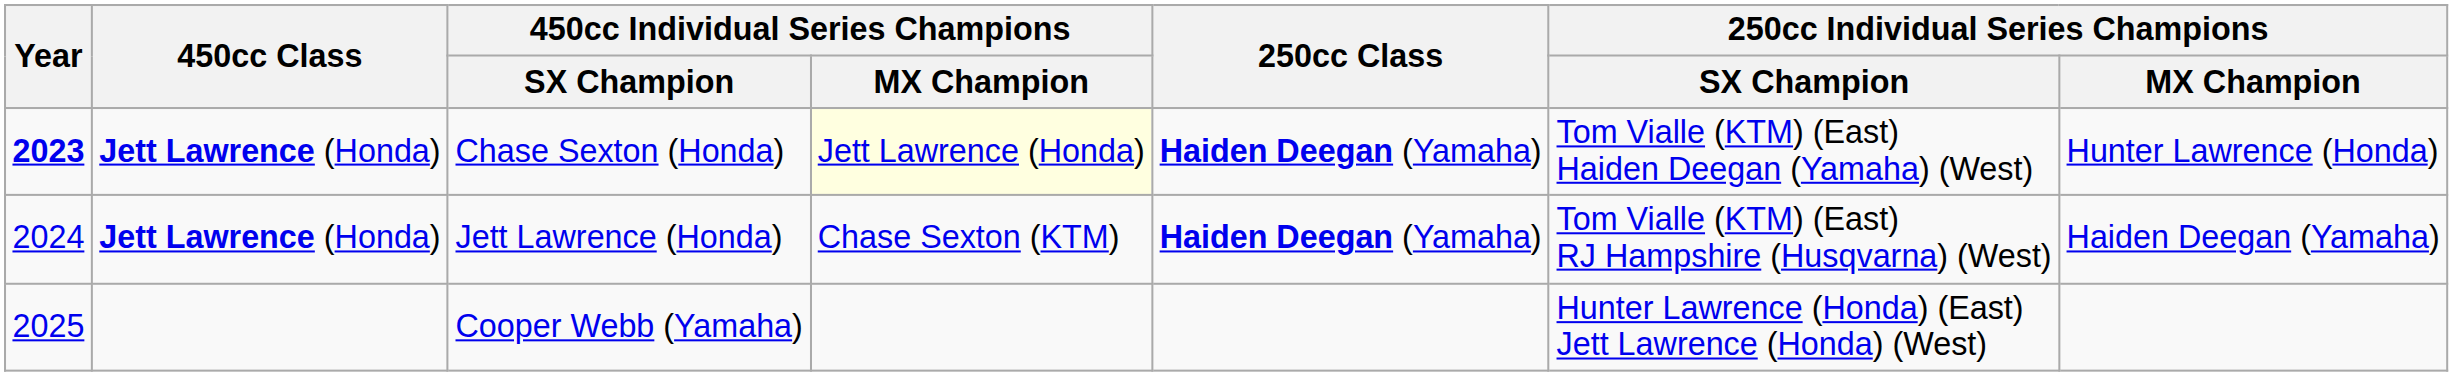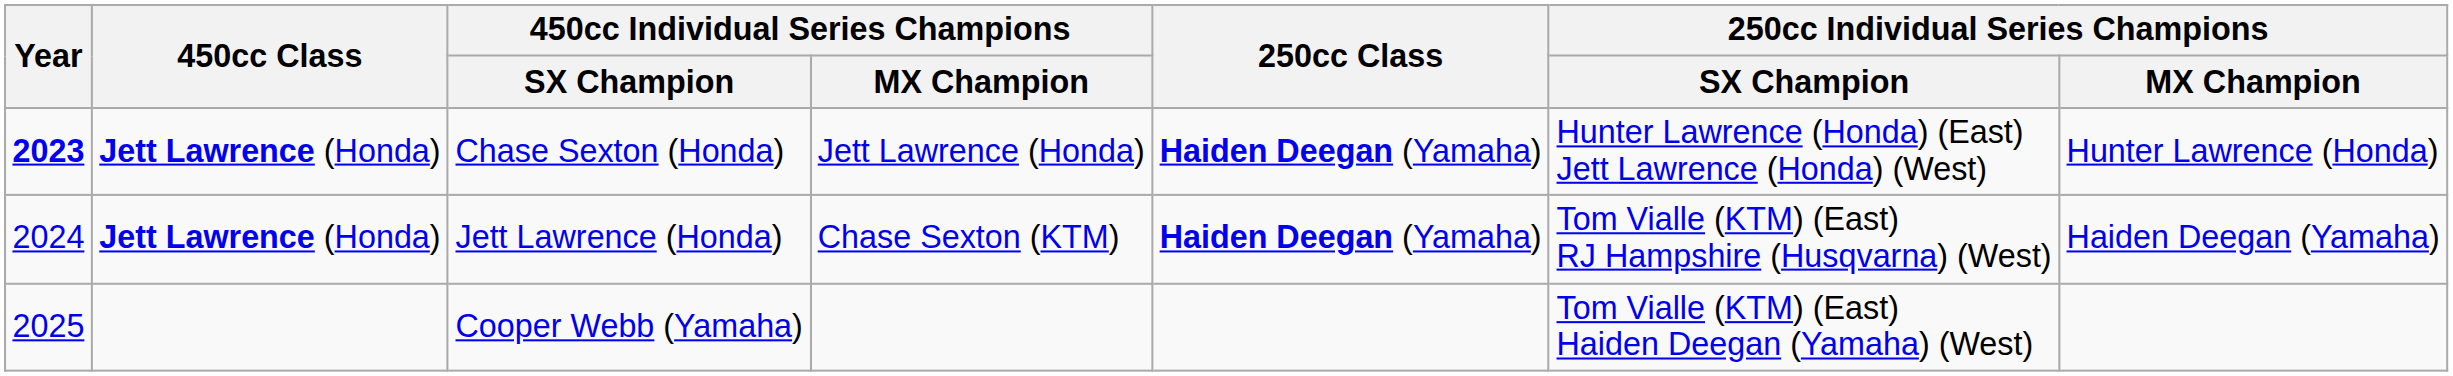 <table class="wikitable">
 <tr>
 <th rowspan="2">Year</th>
 <th rowspan="2">450cc Class</th>
 <th colspan="2">450cc Individual Series Champions</th>
 <th rowspan="2">250cc Class</th>
 <th colspan="2">250cc Individual Series Champions</th>
 </tr>
 <tr>
 <th>SX Champion</th>
 <th>MX Champion</th>
 <th>SX Champion</th>
 <th>MX Champion</th>
 </tr>
 <tr>
 <td><strong><a href='#'>2023</a></strong></td>
 <td> <strong><a href='#'>Jett Lawrence</a></strong> (<a href='#'>Honda</a>)</td>
 <td> <a href='#'>Chase Sexton</a> (<a href='#'>Honda</a>)</td>
-<td style="background: lightyellow;"> <a href='#'>Jett Lawrence</a> (<a href='#'>Honda</a>)</td>
+<td> <a href='#'>Jett Lawrence</a> (<a href='#'>Honda</a>)</td>
 <td> <strong><a href='#'>Haiden Deegan</a></strong> (<a href='#'>Yamaha</a>)</td>
-<td> <a href='#'>Tom Vialle</a> (<a href='#'>KTM</a>) (East)<br> <a href='#'>Haiden Deegan</a> (<a href='#'>Yamaha</a>) (West)</td>
+<td> <a href='#'>Hunter Lawrence</a> (<a href='#'>Honda</a>) (East)<br> <a href='#'>Jett Lawrence</a> (<a href='#'>Honda</a>) (West)</td>
 <td> <a href='#'>Hunter Lawrence</a> (<a href='#'>Honda</a>)</td>
 </tr>
 <tr>
 <td><a href='#'>2024</a></td>
 <td> <strong><a href='#'>Jett Lawrence</a></strong> (<a href='#'>Honda</a>)</td>
 <td> <a href='#'>Jett Lawrence</a> (<a href='#'>Honda</a>)</td>
 <td> <a href='#'>Chase Sexton</a> (<a href='#'>KTM</a>)</td>
 <td> <strong><a href='#'>Haiden Deegan</a></strong> (<a href='#'>Yamaha</a>)</td>
 <td> <a href='#'>Tom Vialle</a> (<a href='#'>KTM</a>) (East)<br> <a href='#'>RJ Hampshire</a> (<a href='#'>Husqvarna</a>) (West)</td>
 <td> <a href='#'>Haiden Deegan</a> (<a href='#'>Yamaha</a>)</td>
 </tr>
 <tr>
 <td><a href='#'>2025</a></td>
 <td></td>
 <td> <a href='#'>Cooper Webb</a> (<a href='#'>Yamaha</a>)</td>
 <td></td>
 <td></td>
-<td> <a href='#'>Hunter Lawrence</a> (<a href='#'>Honda</a>) (East)<br> <a href='#'>Jett Lawrence</a> (<a href='#'>Honda</a>) (West)</td>
+<td> <a href='#'>Tom Vialle</a> (<a href='#'>KTM</a>) (East)<br> <a href='#'>Haiden Deegan</a> (<a href='#'>Yamaha</a>) (West)</td>
 <td></td>
 </tr>
 </table>
